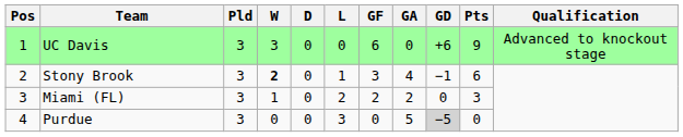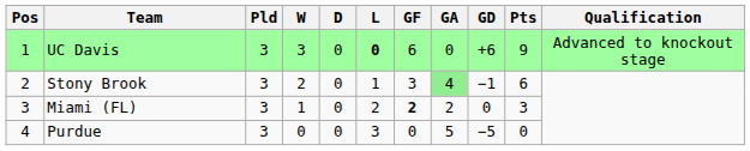 <table class="wikitable" style="text-align:center; margin: 1em auto">
 <tr>
 <th style="width:2em">Pos</th>
 <th style="width:13em">Team</th>
 <th style="width:2em">Pld</th>
 <th style="width:2em">W</th>
 <th style="width:2em">D</th>
 <th style="width:2em">L</th>
 <th style="width:2em">GF</th>
 <th style="width:2em">GA</th>
 <th style="width:2em">GD</th>
 <th style="width:2em">Pts</th>
 <th style="width:13em">Qualification</th>
 </tr>
 <tr bgcolor="#9eff9e">
 <td>1</td>
 <td style="text-align:left">UC Davis</td>
 <td>3</td>
 <td>3</td>
 <td>0</td>
-<td>0</td>
+<td><strong>0</strong></td>
 <td>6</td>
 <td>0</td>
 <td>+6</td>
 <td>9</td>
 <td>Advanced to knockout stage</td>
 </tr>
 <tr>
 <td>2</td>
 <td style="text-align:left">Stony Brook</td>
 <td>3</td>
-<td><strong>2</strong></td>
+<td>2</td>
 <td>0</td>
 <td>1</td>
 <td>3</td>
-<td>4</td>
+<td style="background: lightgreen;">4</td>
 <td>−1</td>
 <td>6</td>
 </tr>
 <tr>
 <td>3</td>
 <td style="text-align:left">Miami (FL)</td>
 <td>3</td>
 <td>1</td>
 <td>0</td>
 <td>2</td>
-<td>2</td>
+<td><strong>2</strong></td>
 <td>2</td>
 <td>0</td>
 <td>3</td>
 </tr>
 <tr>
 <td>4</td>
 <td style="text-align:left">Purdue</td>
 <td>3</td>
 <td>0</td>
 <td>0</td>
 <td>3</td>
 <td>0</td>
 <td>5</td>
-<td style="background: lightgrey;">−5</td>
+<td>−5</td>
 <td>0</td>
 </tr>
 </table>
